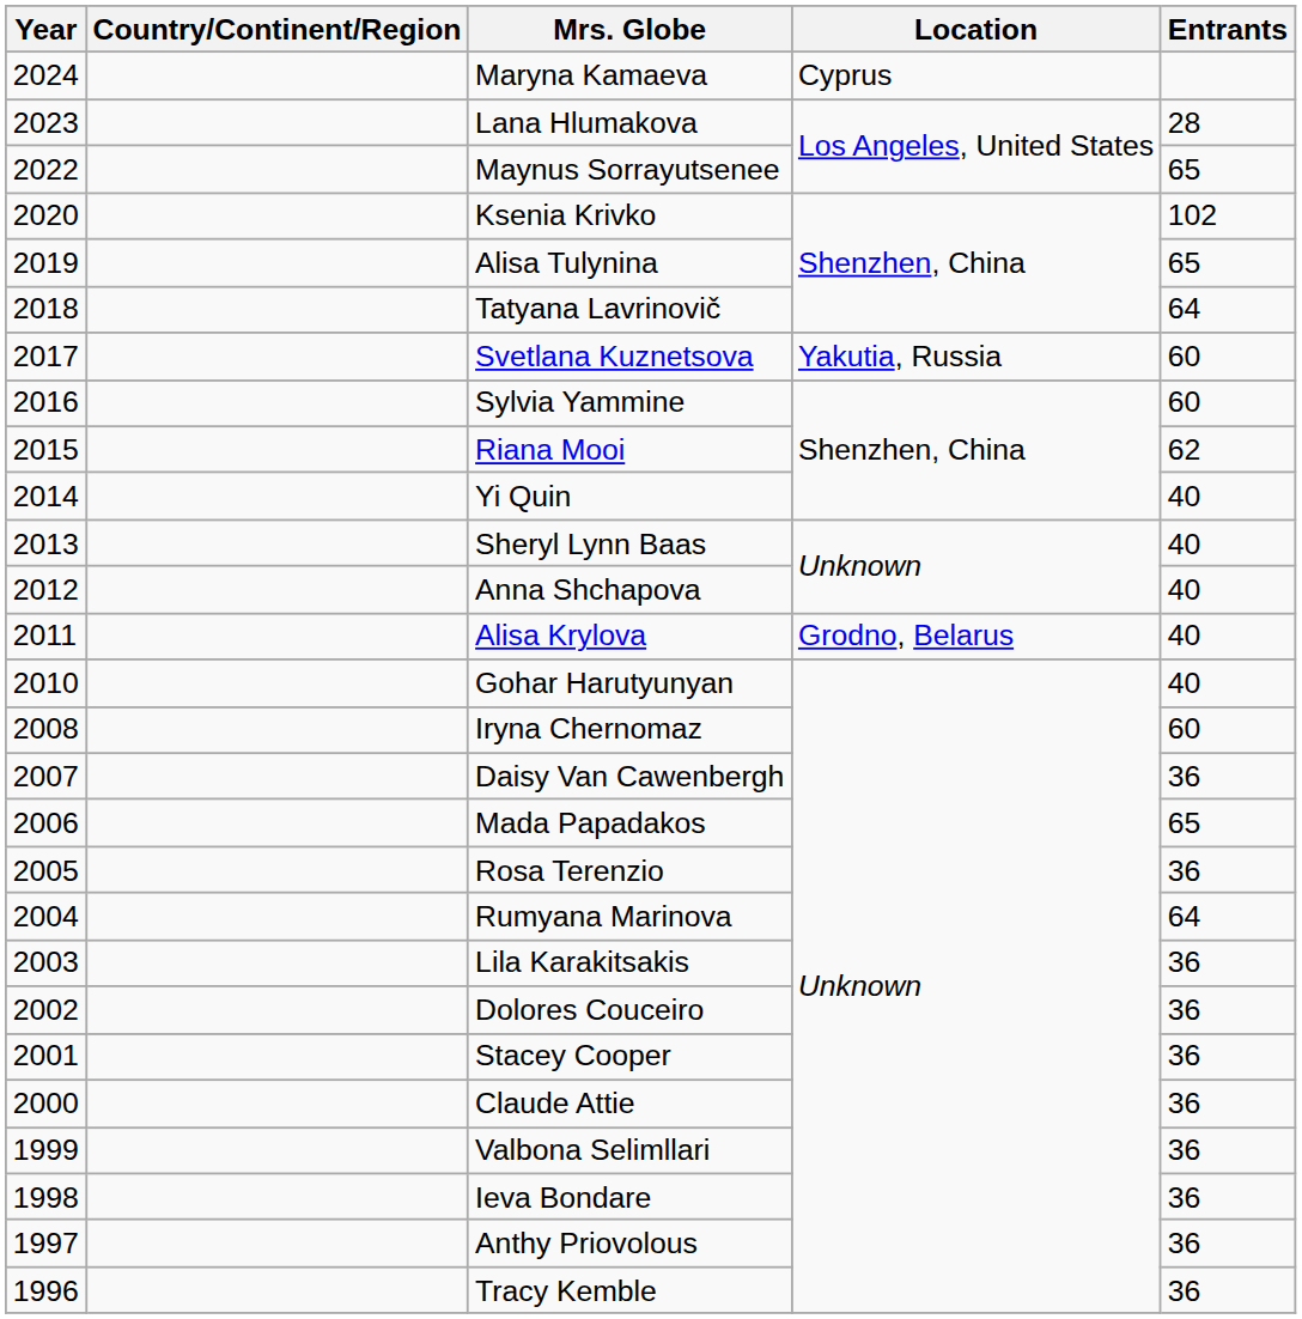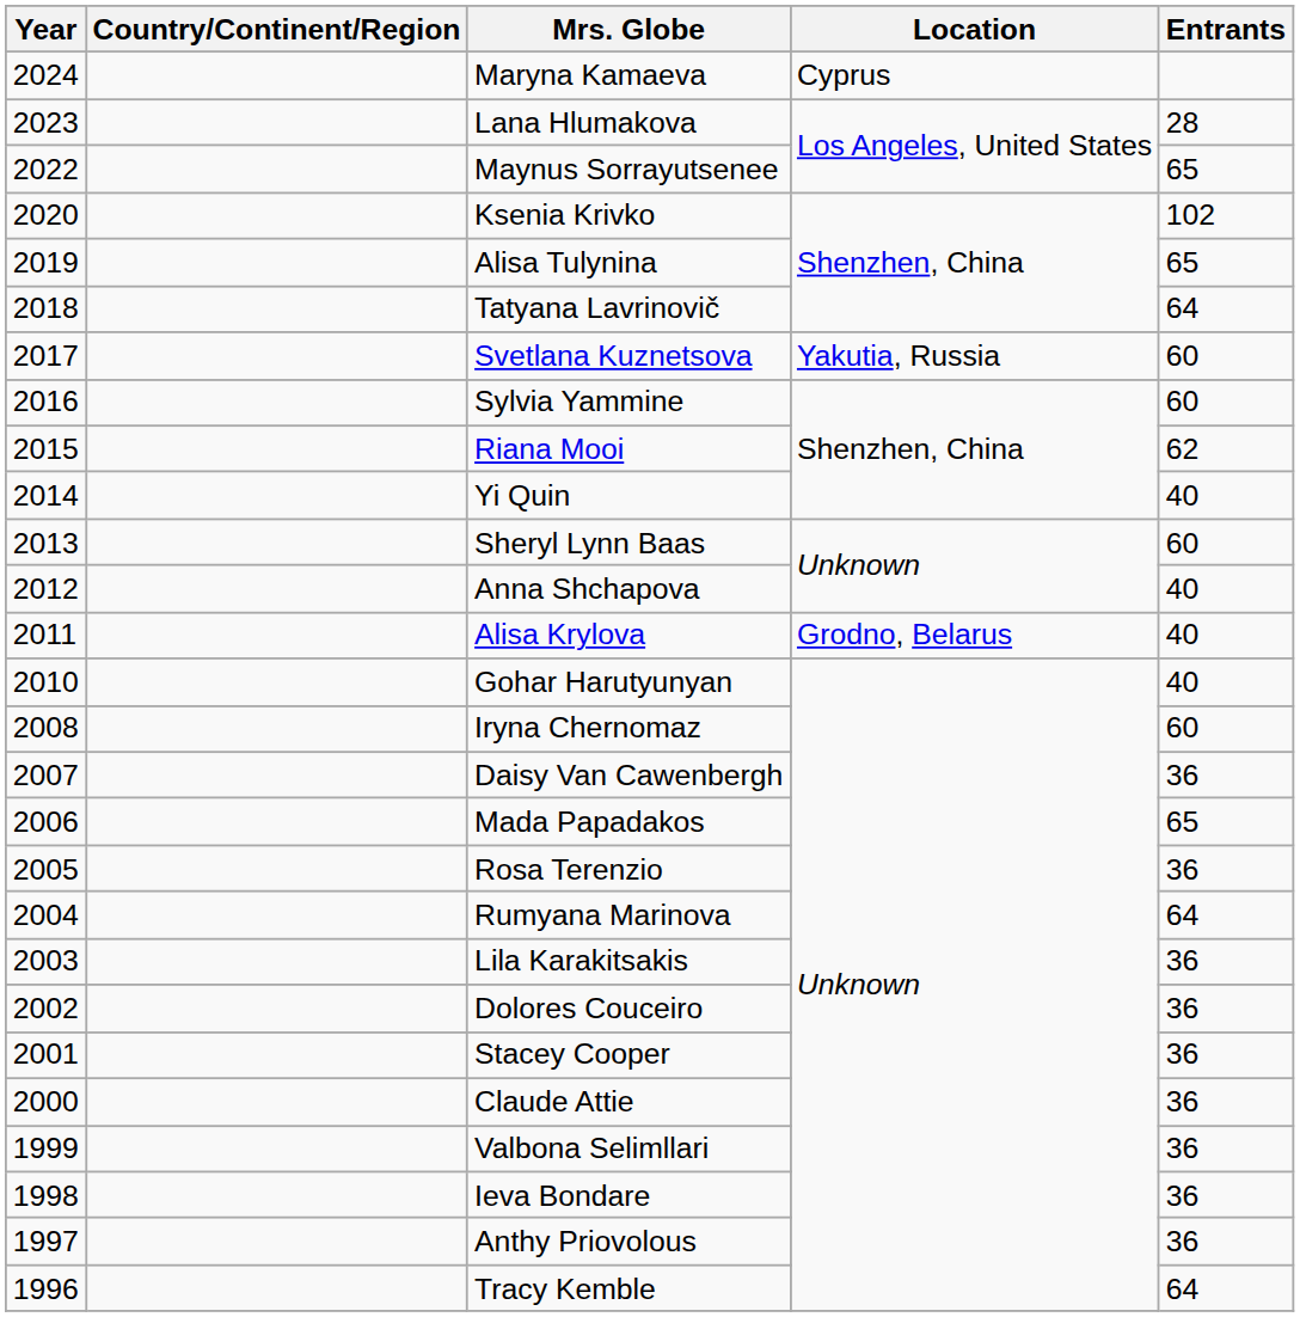 <table class="wikitable sortable" style="font-size: 85%;">
 <tr>
 <th>Year</th>
 <th>Country/Continent/Region</th>
 <th>Mrs. Globe</th>
 <th>Location</th>
 <th><strong>Entrants</strong></th>
 </tr>
 <tr>
 <td>2024</td>
 <td></td>
 <td>Maryna Kamaeva</td>
 <td>Cyprus</td>
 <td></td>
 </tr>
 <tr>
 <td>2023</td>
 <td></td>
 <td>Lana Hlumakova</td>
 <td rowspan="2"><a href='#'>Los Angeles</a>, United States</td>
 <td>28</td>
 </tr>
 <tr>
 <td>2022</td>
 <td></td>
 <td>Maynus Sorrayutsenee</td>
 <td>65</td>
 </tr>
 <tr>
 <td>2020</td>
 <td></td>
 <td>Ksenia Krivko</td>
 <td rowspan="3"><a href='#'>Shenzhen</a>, China</td>
 <td>102</td>
 </tr>
 <tr>
 <td>2019</td>
 <td></td>
 <td>Alisa Tulynina</td>
 <td>65</td>
 </tr>
 <tr>
 <td>2018</td>
 <td></td>
 <td>Tatyana Lavrinovič</td>
 <td>64</td>
 </tr>
 <tr>
 <td>2017</td>
 <td></td>
 <td><a href='#'>Svetlana Kuznetsova</a></td>
 <td><a href='#'>Yakutia</a>, Russia</td>
 <td>60</td>
 </tr>
 <tr>
 <td>2016</td>
 <td></td>
 <td>Sylvia Yammine</td>
 <td rowspan="3">Shenzhen, China</td>
 <td>60</td>
 </tr>
 <tr>
 <td>2015</td>
 <td></td>
 <td><a href='#'>Riana Mooi</a></td>
 <td>62</td>
 </tr>
 <tr>
 <td>2014</td>
 <td></td>
 <td>Yi Quin</td>
 <td>40</td>
 </tr>
 <tr>
 <td>2013</td>
 <td></td>
 <td>Sheryl Lynn Baas</td>
 <td rowspan="2"><em>Unknown</em></td>
-<td>40</td>
+<td>60</td>
 </tr>
 <tr>
 <td>2012</td>
 <td></td>
 <td>Anna Shchapova</td>
 <td>40</td>
 </tr>
 <tr>
 <td>2011</td>
 <td></td>
 <td><a href='#'>Alisa Krylova</a></td>
 <td><a href='#'>Grodno</a>, <a href='#'>Belarus</a></td>
 <td>40</td>
 </tr>
 <tr>
 <td>2010</td>
 <td></td>
 <td>Gohar Harutyunyan</td>
 <td rowspan="14"><em>Unknown</em></td>
 <td>40</td>
 </tr>
 <tr>
 <td>2008</td>
 <td></td>
 <td>Iryna Chernomaz</td>
 <td>60</td>
 </tr>
 <tr>
 <td>2007</td>
 <td></td>
 <td>Daisy Van Cawenbergh</td>
 <td>36</td>
 </tr>
 <tr>
 <td>2006</td>
 <td></td>
 <td>Mada Papadakos</td>
 <td>65</td>
 </tr>
 <tr>
 <td>2005</td>
 <td></td>
 <td>Rosa Terenzio</td>
 <td>36</td>
 </tr>
 <tr>
 <td>2004</td>
 <td></td>
 <td>Rumyana Marinova</td>
 <td>64</td>
 </tr>
 <tr>
 <td>2003</td>
 <td></td>
 <td>Lila Karakitsakis</td>
 <td>36</td>
 </tr>
 <tr>
 <td>2002</td>
 <td></td>
 <td>Dolores Couceiro</td>
 <td>36</td>
 </tr>
 <tr>
 <td>2001</td>
 <td></td>
 <td>Stacey Cooper</td>
 <td>36</td>
 </tr>
 <tr>
 <td>2000</td>
 <td></td>
 <td>Claude Attie</td>
 <td>36</td>
 </tr>
 <tr>
 <td>1999</td>
 <td></td>
 <td>Valbona Selimllari</td>
 <td>36</td>
 </tr>
 <tr>
 <td>1998</td>
 <td></td>
 <td>Ieva Bondare</td>
 <td>36</td>
 </tr>
 <tr>
 <td>1997</td>
 <td></td>
 <td>Anthy Priovolous</td>
 <td>36</td>
 </tr>
 <tr>
 <td>1996</td>
 <td></td>
 <td>Tracy Kemble</td>
-<td>36</td>
+<td>64</td>
 </tr>
 </table>
